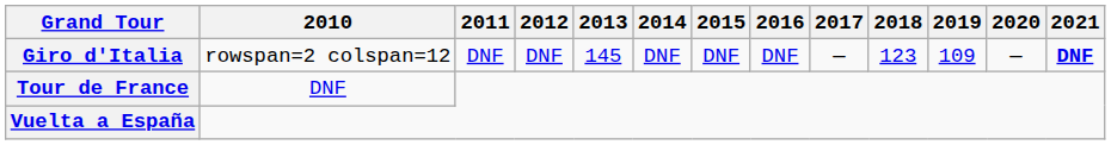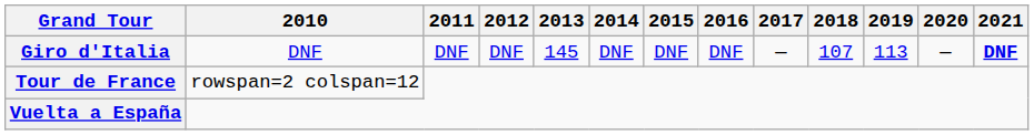 <table class="wikitable plainrowheaders">
 <tr>
 <th scope="col"><a href='#'>Grand Tour</a></th>
 <th scope="col">2010</th>
 <th scope="col">2011</th>
 <th scope="col">2012</th>
 <th scope="col">2013</th>
 <th scope="col">2014</th>
 <th scope="col">2015</th>
 <th scope="col">2016</th>
 <th scope="col">2017</th>
 <th scope="col">2018</th>
 <th scope="col">2019</th>
 <th scope="col">2020</th>
 <th scope="col">2021</th>
 </tr>
 <tr style="text-align:center;">
 <th scope="row"> <a href='#'>Giro d'Italia</a></th>
-<td>rowspan=2 colspan=12 </td>
+<td><a href='#'>DNF</a></td>
 <td><a href='#'>DNF</a></td>
 <td><a href='#'>DNF</a></td>
 <td><a href='#'>145</a></td>
 <td><a href='#'>DNF</a></td>
 <td><a href='#'>DNF</a></td>
 <td><a href='#'>DNF</a></td>
 <td>—</td>
-<td><a href='#'>123</a></td>
-<td><a href='#'>109</a></td>
+<td><a href='#'>107</a></td>
+<td><a href='#'>113</a></td>
 <td>—</td>
 <td><strong><a href='#'>DNF</a></strong></td>
 </tr>
 <tr style="text-align:center;">
 <th scope="row"> <a href='#'>Tour de France</a></th>
-<td><a href='#'>DNF</a></td>
+<td>rowspan=2 colspan=12 </td>
 </tr>
 <tr style="text-align:center;">
 <th scope="row"> <a href='#'>Vuelta a España</a></th>
 </tr>
 </table>
